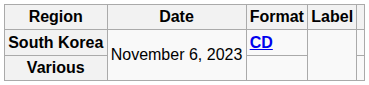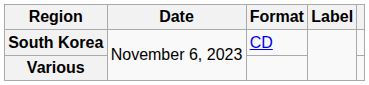 <table class="wikitable plainrowheaders">
 <tr>
 <th scope="col">Region</th>
 <th scope="col">Date</th>
 <th scope="col">Format</th>
 <th scope="col">Label</th>
 <th scope="col"></th>
 </tr>
 <tr>
 <th scope="row">South Korea</th>
 <td rowspan="2">November 6, 2023</td>
-<td><strong><a href='#'>CD</a></strong></td>
+<td><a href='#'>CD</a></td>
 <td rowspan="2"></td>
 <td style="text-align:center"></td>
 </tr>
 <tr>
 <th scope="row">Various</th>
 <td></td>
 <td style="text-align:center"></td>
 </tr>
 </table>
